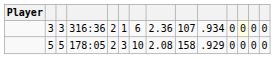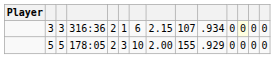 <table class="wikitable sortable" style="text-align:center;">
 <tr>
 <th>Player</th>
 <th></th>
 <th></th>
 <th></th>
 <th></th>
 <th></th>
 <th></th>
 <th></th>
 <th></th>
 <th></th>
 <th></th>
 <th></th>
 <th></th>
 <th></th>
 </tr>
 <tr>
 <td></td>
 <td>3</td>
 <td>3</td>
 <td>316:36</td>
 <td>2</td>
 <td>1</td>
 <td>6</td>
-<td>2.36</td>
+<td>2.15</td>
 <td>107</td>
 <td>.934</td>
 <td>0</td>
 <td style="background: lightyellow;">0</td>
 <td>0</td>
 <td>0</td>
 </tr>
 <tr>
 <td></td>
 <td>5</td>
 <td>5</td>
 <td>178:05</td>
 <td>2</td>
 <td>3</td>
 <td>10</td>
-<td>2.08</td>
-<td>158</td>
+<td>2.00</td>
+<td>155</td>
 <td>.929</td>
 <td>0</td>
 <td>0</td>
 <td>0</td>
 <td>0</td>
 </tr>
 </table>
